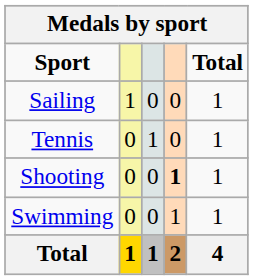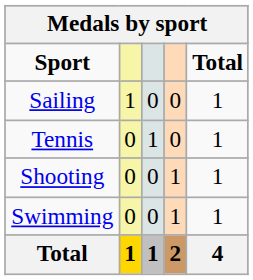 <table class="wikitable" style="font-size:85%; float:right;">
 <tr style="background:#efefef;">
 <th colspan=7><strong>Medals by sport</strong></th>
 </tr>
 <tr align=center>
 <td><strong>Sport</strong></td>
 <td style="background:#f7f6a8;"></td>
 <td style="background:#dce5e5;"></td>
 <td style="background:#ffdab9;"></td>
 <td><strong>Total</strong></td>
 </tr>
 <tr align=center>
 <td><a href='#'>Sailing</a></td>
 <td style="background:#f7f6a8;">1</td>
 <td style="background:#dce5e5;">0</td>
 <td style="background:#ffdab9;">0</td>
 <td>1</td>
 </tr>
 <tr align=center>
 <td><a href='#'>Tennis</a></td>
 <td style="background:#f7f6a8;">0</td>
 <td style="background:#dce5e5;">1</td>
 <td style="background:#ffdab9;">0</td>
 <td>1</td>
 </tr>
 <tr align=center>
 <td><a href='#'>Shooting</a></td>
 <td style="background:#f7f6a8;">0</td>
 <td style="background:#dce5e5;">0</td>
-<td style="background:#ffdab9;"><strong>1</strong></td>
+<td style="background:#ffdab9;">1</td>
 <td>1</td>
 </tr>
 <tr align=center>
 <td><a href='#'>Swimming</a></td>
 <td style="background:#f7f6a8;">0</td>
 <td style="background:#dce5e5;">0</td>
 <td style="background:#ffdab9;">1</td>
 <td>1</td>
 </tr>
 <tr align=center>
 <th><strong>Total</strong></th>
 <th style="background:gold;"><strong>1</strong></th>
 <th style="background:silver;"><strong>1</strong></th>
 <th style="background:#c96;"><strong>2</strong></th>
 <th><strong>4</strong></th>
 </tr>
 </table>
